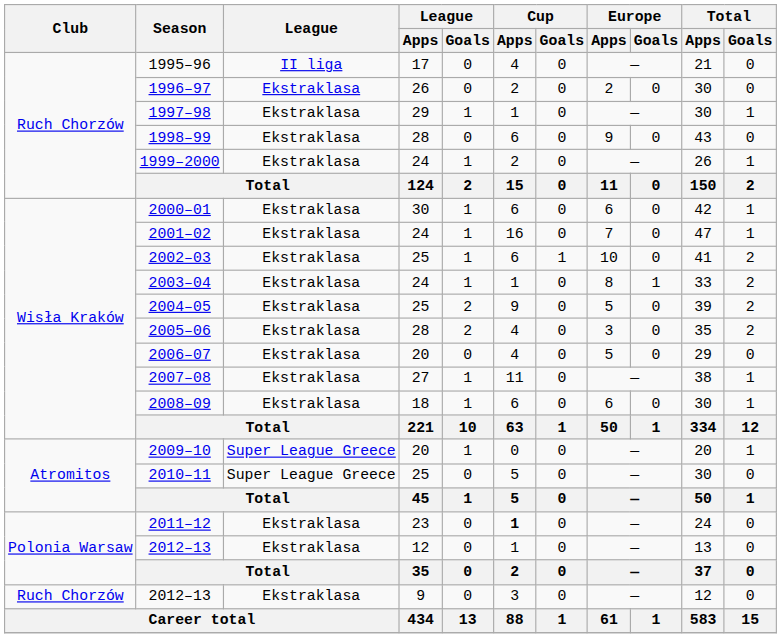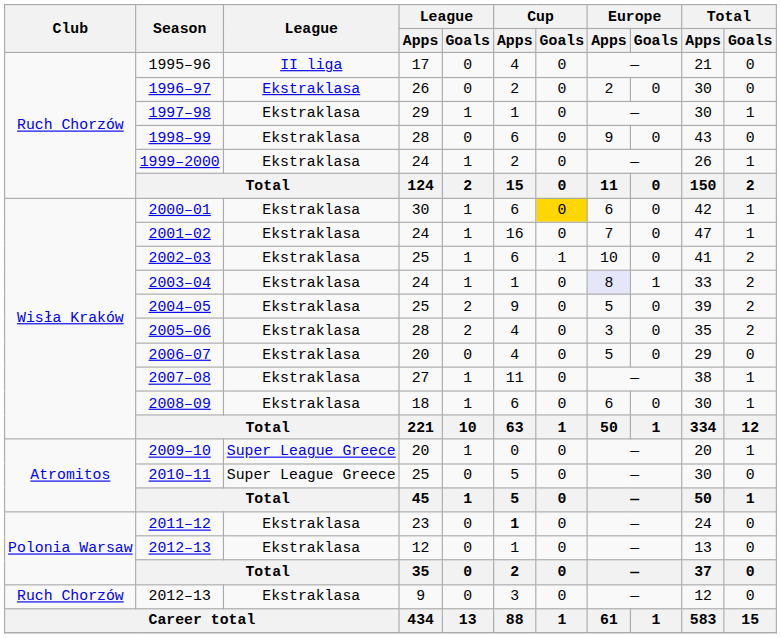 <table class="wikitable" style="text-align: center;">
 <tr>
 <th rowspan="2">Club</th>
 <th rowspan="2">Season</th>
 <th rowspan="2">League</th>
 <th colspan="2">League</th>
 <th colspan="2">Cup</th>
 <th colspan="2">Europe</th>
 <th colspan="2">Total</th>
 </tr>
 <tr>
 <th>Apps</th>
 <th>Goals</th>
 <th>Apps</th>
 <th>Goals</th>
 <th>Apps</th>
 <th>Goals</th>
 <th>Apps</th>
 <th>Goals</th>
 </tr>
 <tr>
 <td rowspan="6" valign="center"><a href='#'>Ruch Chorzów</a></td>
 <td>1995–96</td>
 <td><a href='#'>II liga</a></td>
 <td>17</td>
 <td>0</td>
 <td>4</td>
 <td>0</td>
 <td colspan="2">—</td>
 <td>21</td>
 <td>0</td>
 </tr>
 <tr>
 <td><a href='#'>1996–97</a></td>
 <td><a href='#'>Ekstraklasa</a></td>
 <td>26</td>
 <td>0</td>
 <td>2</td>
 <td>0</td>
 <td>2</td>
 <td>0</td>
 <td>30</td>
 <td>0</td>
 </tr>
 <tr>
 <td><a href='#'>1997–98</a></td>
 <td>Ekstraklasa</td>
 <td>29</td>
 <td>1</td>
 <td>1</td>
 <td>0</td>
 <td colspan="2">—</td>
 <td>30</td>
 <td>1</td>
 </tr>
 <tr>
 <td><a href='#'>1998–99</a></td>
 <td>Ekstraklasa</td>
 <td>28</td>
 <td>0</td>
 <td>6</td>
 <td>0</td>
 <td>9</td>
 <td>0</td>
 <td>43</td>
 <td>0</td>
 </tr>
 <tr>
 <td><a href='#'>1999–2000</a></td>
 <td>Ekstraklasa</td>
 <td>24</td>
 <td>1</td>
 <td>2</td>
 <td>0</td>
 <td colspan="2">—</td>
 <td>26</td>
 <td>1</td>
 </tr>
 <tr>
 <th colspan="2">Total</th>
 <th>124</th>
 <th>2</th>
 <th>15</th>
 <th>0</th>
 <th>11</th>
 <th>0</th>
 <th>150</th>
 <th>2</th>
 </tr>
 <tr>
 <td rowspan="10" valign="center"><a href='#'>Wisła Kraków</a></td>
 <td><a href='#'>2000–01</a></td>
 <td>Ekstraklasa</td>
 <td>30</td>
 <td>1</td>
 <td>6</td>
-<td>0</td>
+<td style="background: gold;">0</td>
 <td>6</td>
 <td>0</td>
 <td>42</td>
 <td>1</td>
 </tr>
 <tr>
 <td><a href='#'>2001–02</a></td>
 <td>Ekstraklasa</td>
 <td>24</td>
 <td>1</td>
 <td>16</td>
 <td>0</td>
 <td>7</td>
 <td>0</td>
 <td>47</td>
 <td>1</td>
 </tr>
 <tr>
 <td><a href='#'>2002–03</a></td>
 <td>Ekstraklasa</td>
 <td>25</td>
 <td>1</td>
 <td>6</td>
 <td>1</td>
 <td>10</td>
 <td>0</td>
 <td>41</td>
 <td>2</td>
 </tr>
 <tr>
 <td><a href='#'>2003–04</a></td>
 <td>Ekstraklasa</td>
 <td>24</td>
 <td>1</td>
 <td>1</td>
 <td>0</td>
-<td>8</td>
+<td style="background: lavender;">8</td>
 <td>1</td>
 <td>33</td>
 <td>2</td>
 </tr>
 <tr>
 <td><a href='#'>2004–05</a></td>
 <td>Ekstraklasa</td>
 <td>25</td>
 <td>2</td>
 <td>9</td>
 <td>0</td>
 <td>5</td>
 <td>0</td>
 <td>39</td>
 <td>2</td>
 </tr>
 <tr>
 <td><a href='#'>2005–06</a></td>
 <td>Ekstraklasa</td>
 <td>28</td>
 <td>2</td>
 <td>4</td>
 <td>0</td>
 <td>3</td>
 <td>0</td>
 <td>35</td>
 <td>2</td>
 </tr>
 <tr>
 <td><a href='#'>2006–07</a></td>
 <td>Ekstraklasa</td>
 <td>20</td>
 <td>0</td>
 <td>4</td>
 <td>0</td>
 <td>5</td>
 <td>0</td>
 <td>29</td>
 <td>0</td>
 </tr>
 <tr>
 <td><a href='#'>2007–08</a></td>
 <td>Ekstraklasa</td>
 <td>27</td>
 <td>1</td>
 <td>11</td>
 <td>0</td>
 <td colspan="2">—</td>
 <td>38</td>
 <td>1</td>
 </tr>
 <tr>
 <td><a href='#'>2008–09</a></td>
 <td>Ekstraklasa</td>
 <td>18</td>
 <td>1</td>
 <td>6</td>
 <td>0</td>
 <td>6</td>
 <td>0</td>
 <td>30</td>
 <td>1</td>
 </tr>
 <tr>
 <th colspan="2">Total</th>
 <th>221</th>
 <th>10</th>
 <th>63</th>
 <th>1</th>
 <th>50</th>
 <th>1</th>
 <th>334</th>
 <th>12</th>
 </tr>
 <tr>
 <td rowspan="3" valign="center"><a href='#'>Atromitos</a></td>
 <td><a href='#'>2009–10</a></td>
 <td><a href='#'>Super League Greece</a></td>
 <td>20</td>
 <td>1</td>
 <td>0</td>
 <td>0</td>
 <td colspan="2">—</td>
 <td>20</td>
 <td>1</td>
 </tr>
 <tr>
 <td><a href='#'>2010–11</a></td>
 <td>Super League Greece</td>
 <td>25</td>
 <td>0</td>
 <td>5</td>
 <td>0</td>
 <td colspan="2">—</td>
 <td>30</td>
 <td>0</td>
 </tr>
 <tr>
 <th colspan="2">Total</th>
 <th>45</th>
 <th>1</th>
 <th>5</th>
 <th>0</th>
 <th colspan="2">—</th>
 <th>50</th>
 <th>1</th>
 </tr>
 <tr>
 <td rowspan="3" valign="center"><a href='#'>Polonia Warsaw</a></td>
 <td><a href='#'>2011–12</a></td>
 <td>Ekstraklasa</td>
 <td>23</td>
 <td>0</td>
 <td><strong>1</strong></td>
 <td>0</td>
 <td colspan="2">—</td>
 <td>24</td>
 <td>0</td>
 </tr>
 <tr>
 <td><a href='#'>2012–13</a></td>
 <td>Ekstraklasa</td>
 <td>12</td>
 <td>0</td>
 <td>1</td>
 <td>0</td>
 <td colspan="2">—</td>
 <td>13</td>
 <td>0</td>
 </tr>
 <tr>
 <th colspan="2">Total</th>
 <th>35</th>
 <th>0</th>
 <th>2</th>
 <th>0</th>
 <th colspan="2">—</th>
 <th>37</th>
 <th>0</th>
 </tr>
 <tr>
 <td><a href='#'>Ruch Chorzów</a></td>
 <td>2012–13</td>
 <td>Ekstraklasa</td>
 <td>9</td>
 <td>0</td>
 <td>3</td>
 <td>0</td>
 <td colspan="2">—</td>
 <td>12</td>
 <td>0</td>
 </tr>
 <tr>
 <th colspan="3">Career total</th>
 <th>434</th>
 <th>13</th>
 <th>88</th>
 <th>1</th>
 <th>61</th>
 <th>1</th>
 <th>583</th>
 <th>15</th>
 </tr>
 <tr>
 </tr>
 </table>
